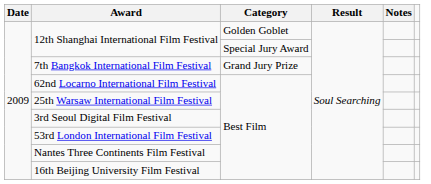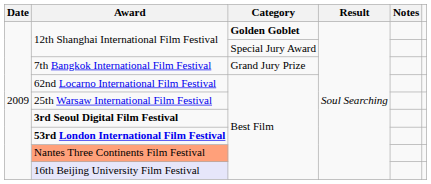 <table class="wikitable">
 <tr>
 <th>Date</th>
 <th>Award</th>
 <th>Category</th>
 <th>Result</th>
 <th>Notes</th>
 </tr>
 <tr>
 <td rowspan="9">2009</td>
 <td rowspan="2">12th Shanghai International Film Festival</td>
-<td>Golden Goblet</td>
+<td><strong>Golden Goblet</strong></td>
 <td rowspan="9"><em>Soul Searching</em></td>
 <td></td>
 <td></td>
 </tr>
 <tr>
 <td>Special Jury Award</td>
 <td></td>
 <td></td>
 </tr>
 <tr>
 <td>7th <a href='#'>Bangkok International Film Festival</a></td>
 <td>Grand Jury Prize</td>
 <td></td>
 <td></td>
 </tr>
 <tr>
 <td>62nd <a href='#'>Locarno International Film Festival</a></td>
 <td rowspan="6">Best Film</td>
 <td></td>
 <td></td>
 </tr>
 <tr>
 <td>25th <a href='#'>Warsaw International Film Festival</a></td>
 <td></td>
 <td></td>
 </tr>
 <tr>
-<td>3rd Seoul Digital Film Festival</td>
+<td><strong>3rd Seoul Digital Film Festival</strong></td>
 <td></td>
 <td></td>
 </tr>
 <tr>
-<td>53rd <a href='#'>London International Film Festival</a></td>
+<td><strong>53rd <a href='#'>London International Film Festival</a></strong></td>
 <td></td>
 <td></td>
 </tr>
 <tr>
-<td>Nantes Three Continents Film Festival</td>
+<td style="background: lightsalmon;">Nantes Three Continents Film Festival</td>
 <td></td>
 <td></td>
 </tr>
 <tr>
-<td>16th Beijing University Film Festival</td>
+<td style="background: lavender;">16th Beijing University Film Festival</td>
 <td></td>
 <td></td>
 </tr>
 </table>
